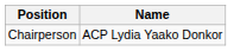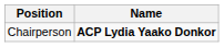 <table class="wikitable">
 <tr>
 <th>Position</th>
 <th>Name</th>
 </tr>
 <tr>
 <td>Chairperson</td>
-<td>ACP Lydia Yaako Donkor</td>
+<td><strong>ACP Lydia Yaako Donkor</strong></td>
 </tr>
 </table>
